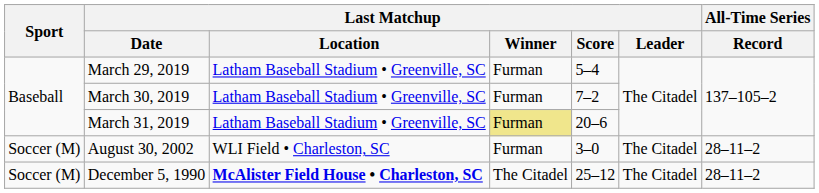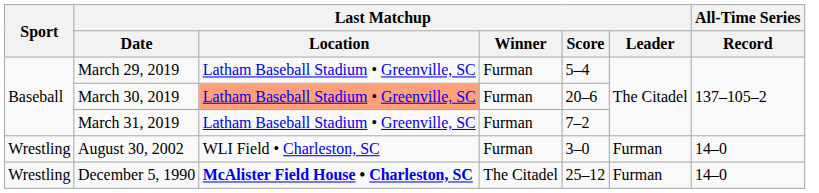 <table class="wikitable" style="text-align:left; font-size: 95%;">
 <tr>
 <th rowspan=2>Sport</th>
 <th colspan=5>Last Matchup</th>
 <th colspan=2>All-Time Series</th>
 </tr>
 <tr>
 <th>Date</th>
 <th>Location</th>
 <th>Winner</th>
 <th>Score</th>
 <th>Leader</th>
 <th>Record</th>
 </tr>
 <tr>
 <td rowspan=3>Baseball</td>
 <td>March 29, 2019</td>
 <td><a href='#'>Latham Baseball Stadium</a> • <a href='#'>Greenville, SC</a></td>
 <td>Furman</td>
 <td>5–4</td>
 <td rowspan=3>The Citadel</td>
 <td rowspan=3>137–105–2</td>
 </tr>
 <tr>
 <td>March 30, 2019</td>
+<td style="background: lightsalmon;"><a href='#'>Latham Baseball Stadium</a> • <a href='#'>Greenville, SC</a></td>
+<td>Furman</td>
+<td>20–6</td>
+</tr>
+<tr>
+<td>March 31, 2019</td>
 <td><a href='#'>Latham Baseball Stadium</a> • <a href='#'>Greenville, SC</a></td>
 <td>Furman</td>
 <td>7–2</td>
 </tr>
 <tr>
-<td>March 31, 2019</td>
-<td><a href='#'>Latham Baseball Stadium</a> • <a href='#'>Greenville, SC</a></td>
-<td style="background: khaki;">Furman</td>
-<td>20–6</td>
-</tr>
-<tr>
-<td>Soccer (M)</td>
+<td>Wrestling</td>
 <td>August 30, 2002</td>
 <td>WLI Field • <a href='#'>Charleston, SC</a></td>
 <td>Furman</td>
 <td>3–0</td>
-<td>The Citadel</td>
-<td>28–11–2</td>
+<td>Furman</td>
+<td>14–0</td>
 </tr>
 <tr>
-<td>Soccer (M)</td>
+<td>Wrestling</td>
 <td>December 5, 1990</td>
 <td><strong><a href='#'>McAlister Field House</a> • <a href='#'>Charleston, SC</a></strong></td>
 <td>The Citadel</td>
 <td>25–12</td>
-<td>The Citadel</td>
-<td>28–11–2</td>
+<td>Furman</td>
+<td>14–0</td>
 </tr>
 </table>
